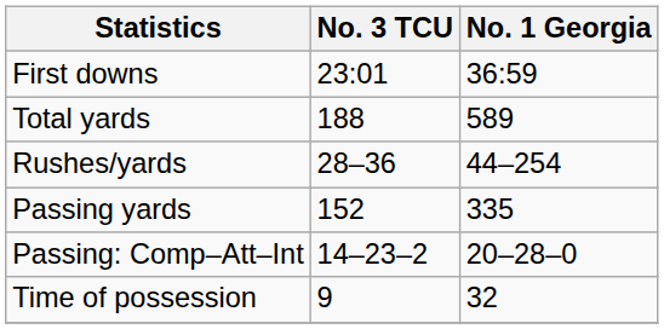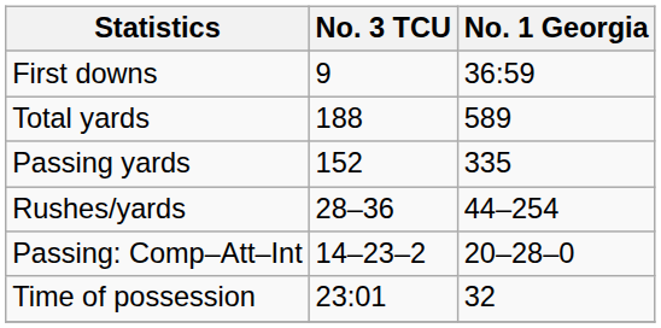 <table class="wikitable" style="float: left;">
 <tr>
 <th>Statistics</th>
 <th>No. 3 TCU</th>
 <th>No. 1 Georgia</th>
 </tr>
 <tr>
 <td>First downs</td>
-<td>23:01</td>
+<td>9</td>
 <td>36:59</td>
 </tr>
 <tr>
 <td>Total yards</td>
 <td>188</td>
 <td>589</td>
 </tr>
 <tr>
+<td>Passing yards</td>
+<td>152</td>
+<td>335</td>
+</tr>
+<tr>
 <td>Rushes/yards</td>
 <td>28–36</td>
 <td>44–254</td>
-</tr>
-<tr>
-<td>Passing yards</td>
-<td>152</td>
-<td>335</td>
 </tr>
 <tr>
 <td>Passing: Comp–Att–Int</td>
 <td>14–23–2</td>
 <td>20–28–0</td>
 </tr>
 <tr>
 <td>Time of possession</td>
-<td>9</td>
+<td>23:01</td>
 <td>32</td>
 </tr>
 <tr>
 </tr>
 </table>
